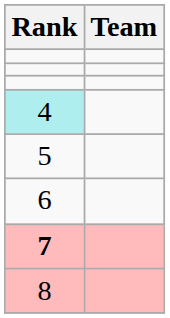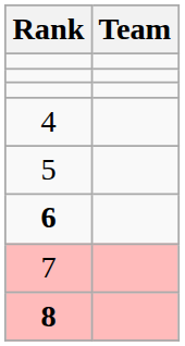 <table class="wikitable">
 <tr>
 <th>Rank</th>
 <th>Team</th>
 </tr>
 <tr>
 <td align=center></td>
 <td></td>
 </tr>
 <tr>
 <td align=center></td>
 <td></td>
 </tr>
 <tr>
 <td align=center></td>
 <td></td>
 </tr>
 <tr>
-<td align=center style="background: paleturquoise;">4</td>
+<td align=center>4</td>
 <td></td>
 </tr>
 <tr>
 <td align=center>5</td>
 <td></td>
 </tr>
 <tr>
-<td align=center>6</td>
+<td align=center><strong>6</strong></td>
 <td></td>
 </tr>
 <tr bgcolor=ffbbbb>
-<td align=center><strong>7</strong></td>
+<td align=center>7</td>
 <td></td>
 </tr>
 <tr bgcolor=ffbbbb>
-<td align=center>8</td>
+<td align=center><strong>8</strong></td>
 <td></td>
 </tr>
 </table>
